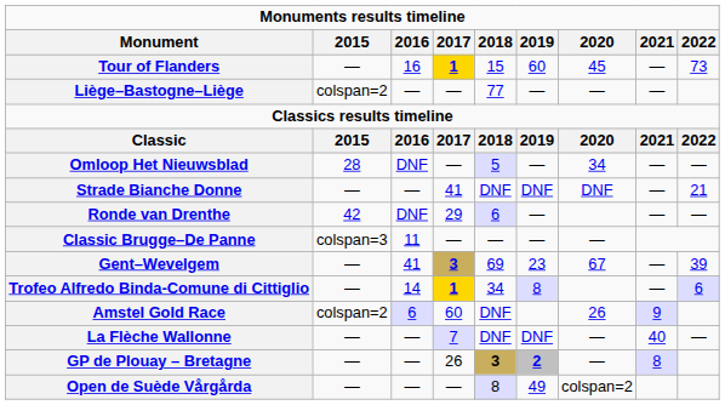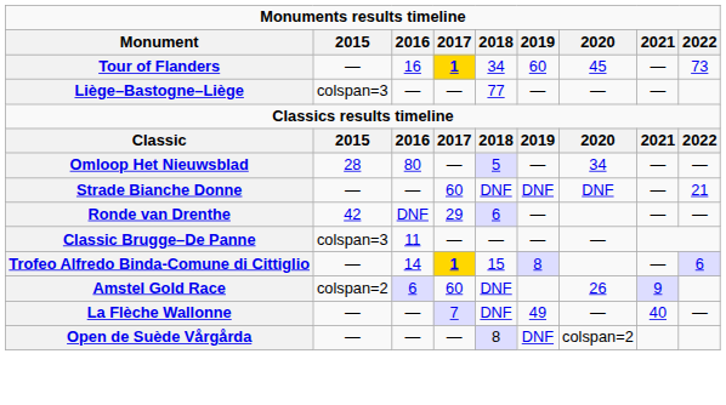 <table class="wikitable plainrowheaders">
 <tr>
 <td colspan=9 align=center><strong>Monuments results timeline</strong></td>
 </tr>
 <tr style="background:#EEEEEE;">
 <th>Monument</th>
 <th>2015</th>
 <th>2016</th>
 <th>2017</th>
 <th>2018</th>
 <th>2019</th>
 <th>2020</th>
 <th>2021</th>
 <th>2022</th>
 </tr>
 <tr style="text-align:center;">
 <th scope="row"><a href='#'>Tour of Flanders</a></th>
 <td>—</td>
 <td><a href='#'>16</a></td>
 <td style="background:gold;"><a href='#'><strong>1</strong></a></td>
-<td><a href='#'>15</a></td>
+<td><a href='#'>34</a></td>
 <td><a href='#'>60</a></td>
 <td><a href='#'>45</a></td>
 <td>—</td>
 <td><a href='#'>73</a></td>
 </tr>
 <tr style="text-align:center;">
 <th scope="row"><a href='#'>Liège–Bastogne–Liège</a></th>
-<td>colspan=2 </td>
+<td>colspan=3 </td>
 <td>—</td>
 <td>—</td>
 <td><a href='#'>77</a></td>
 <td>—</td>
 <td>—</td>
 <td>—</td>
 </tr>
 <tr>
 <td colspan=9 align=center><strong>Classics results timeline</strong></td>
 </tr>
 <tr style="background:#EEEEEE;">
 <th>Classic</th>
 <th>2015</th>
 <th>2016</th>
 <th>2017</th>
 <th>2018</th>
 <th>2019</th>
 <th>2020</th>
 <th>2021</th>
 <th>2022</th>
 </tr>
 <tr style="text-align:center;">
 <th scope="row"><a href='#'>Omloop Het Nieuwsblad</a></th>
 <td><a href='#'>28</a></td>
-<td><a href='#'>DNF</a></td>
+<td><a href='#'>80</a></td>
 <td>—</td>
 <td style="background:#ddf;"><a href='#'>5</a></td>
 <td>—</td>
 <td><a href='#'>34</a></td>
 <td>—</td>
 <td>—</td>
 </tr>
 <tr style="text-align:center;">
 <th scope="row"><a href='#'>Strade Bianche Donne</a></th>
 <td>—</td>
 <td>—</td>
-<td><a href='#'>41</a></td>
+<td><a href='#'>60</a></td>
 <td><a href='#'>DNF</a></td>
 <td><a href='#'>DNF</a></td>
 <td><a href='#'>DNF</a></td>
 <td>—</td>
 <td><a href='#'>21</a></td>
 </tr>
 <tr style="text-align:center;">
 <th scope="row"><a href='#'>Ronde van Drenthe</a></th>
 <td><a href='#'>42</a></td>
 <td><a href='#'>DNF</a></td>
 <td><a href='#'>29</a></td>
 <td style="background:#ddf;"><a href='#'>6</a></td>
 <td>—</td>
 <td></td>
 <td>—</td>
 <td>—</td>
 </tr>
 <tr style="text-align:center;">
 <th scope="row"><a href='#'>Classic Brugge–De Panne</a></th>
 <td>colspan=3 </td>
 <td><a href='#'>11</a></td>
 <td>—</td>
 <td>—</td>
 <td>—</td>
 <td>—</td>
 </tr>
 <tr style="text-align:center;">
-<th scope="row"><a href='#'>Gent–Wevelgem</a></th>
-<td>—</td>
-<td><a href='#'>41</a></td>
-<td style="background:#C9AE5D;"><a href='#'><strong>3</strong></a></td>
-<td><a href='#'>69</a></td>
-<td><a href='#'>23</a></td>
-<td><a href='#'>67</a></td>
-<td>—</td>
-<td><a href='#'>39</a></td>
-</tr>
-<tr style="text-align:center;">
 <th scope="row"><a href='#'>Trofeo Alfredo Binda-Comune di Cittiglio</a></th>
 <td>—</td>
 <td><a href='#'>14</a></td>
 <td style="background:gold;"><a href='#'><strong>1</strong></a></td>
-<td><a href='#'>34</a></td>
+<td><a href='#'>15</a></td>
 <td style="background:#ddf;"><a href='#'>8</a></td>
 <td></td>
 <td>—</td>
 <td style="background:#ddf;"><a href='#'>6</a></td>
 </tr>
 <tr style="text-align:center;">
 <th scope="row"><a href='#'>Amstel Gold Race</a></th>
 <td>colspan=2 </td>
 <td style="background:#ddf;"><a href='#'>6</a></td>
 <td><a href='#'>60</a></td>
 <td><a href='#'>DNF</a></td>
 <td></td>
 <td><a href='#'>26</a></td>
 <td style="background:#ddf;"><a href='#'>9</a></td>
 </tr>
 <tr style="text-align:center;">
 <th scope="row"><a href='#'>La Flèche Wallonne</a></th>
 <td>—</td>
 <td>—</td>
 <td style="background:#ddf;"><a href='#'>7</a></td>
 <td><a href='#'>DNF</a></td>
-<td><a href='#'>DNF</a></td>
+<td><a href='#'>49</a></td>
 <td>—</td>
 <td><a href='#'>40</a></td>
 <td>—</td>
-</tr>
-<tr style="text-align:center;">
-<th scope="row"><a href='#'>GP de Plouay – Bretagne</a></th>
-<td>—</td>
-<td>—</td>
-<td>26</td>
-<td style="background:#C9AE5D;"><strong>3</strong></td>
-<td style="background:silver;"><a href='#'><strong>2</strong></a></td>
-<td>—</td>
-<td style="background:#ddf;"><a href='#'>8</a></td>
-<td></td>
 </tr>
 <tr style="text-align:center;">
 <th scope="row"><a href='#'>Open de Suède Vårgårda</a></th>
 <td>—</td>
 <td>—</td>
 <td>—</td>
 <td style="background:#ddf;">8</td>
-<td><a href='#'>49</a></td>
+<td><a href='#'>DNF</a></td>
 <td>colspan=2 </td>
 <td></td>
 </tr>
 </table>
